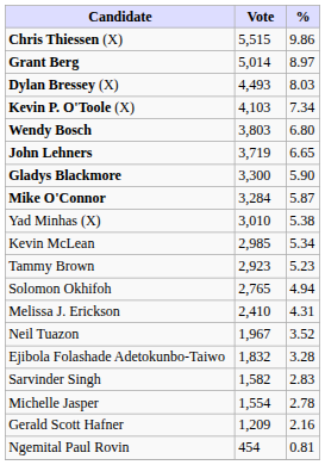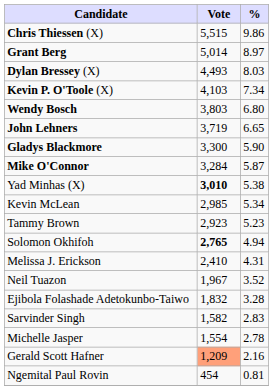 <table class="wikitable">
 <tr>
 <th style="background:#ddf; width:250px;">Candidate</th>
 <th style="background:#ddf; width:50px;">Vote</th>
 <th style="background:#ddf; width:30px;">%</th>
 </tr>
 <tr>
 <td><strong>Chris Thiessen</strong> (X)</td>
 <td>5,515</td>
 <td>9.86</td>
 </tr>
 <tr>
 <td><strong>Grant Berg</strong></td>
 <td>5,014</td>
 <td>8.97</td>
 </tr>
 <tr>
 <td><strong>Dylan Bressey</strong> (X)</td>
 <td>4,493</td>
 <td>8.03</td>
 </tr>
 <tr>
 <td><strong>Kevin P. O'Toole</strong> (X)</td>
 <td>4,103</td>
 <td>7.34</td>
 </tr>
 <tr>
 <td><strong>Wendy Bosch</strong></td>
 <td>3,803</td>
 <td>6.80</td>
 </tr>
 <tr>
 <td><strong>John Lehners</strong></td>
 <td>3,719</td>
 <td>6.65</td>
 </tr>
 <tr>
 <td><strong>Gladys Blackmore</strong></td>
 <td>3,300</td>
 <td>5.90</td>
 </tr>
 <tr>
 <td><strong>Mike O'Connor</strong></td>
 <td>3,284</td>
 <td>5.87</td>
 </tr>
 <tr>
 <td>Yad Minhas (X)</td>
-<td>3,010</td>
+<td><strong>3,010</strong></td>
 <td>5.38</td>
 </tr>
 <tr>
 <td>Kevin McLean</td>
 <td>2,985</td>
 <td>5.34</td>
 </tr>
 <tr>
 <td>Tammy Brown</td>
 <td>2,923</td>
 <td>5.23</td>
 </tr>
 <tr>
 <td>Solomon Okhifoh</td>
-<td>2,765</td>
+<td><strong>2,765</strong></td>
 <td>4.94</td>
 </tr>
 <tr>
 <td>Melissa J. Erickson</td>
 <td>2,410</td>
 <td>4.31</td>
 </tr>
 <tr>
 <td>Neil Tuazon</td>
 <td>1,967</td>
 <td>3.52</td>
 </tr>
 <tr>
 <td>Ejibola Folashade Adetokunbo-Taiwo</td>
 <td>1,832</td>
 <td>3.28</td>
 </tr>
 <tr>
 <td>Sarvinder Singh</td>
 <td>1,582</td>
 <td>2.83</td>
 </tr>
 <tr>
 <td>Michelle Jasper</td>
 <td>1,554</td>
 <td>2.78</td>
 </tr>
 <tr>
 <td>Gerald Scott Hafner</td>
-<td>1,209</td>
+<td style="background: lightsalmon;">1,209</td>
 <td>2.16</td>
 </tr>
 <tr>
 <td>Ngemital Paul Rovin</td>
 <td>454</td>
 <td>0.81</td>
 </tr>
 <tr>
 </tr>
 </table>
